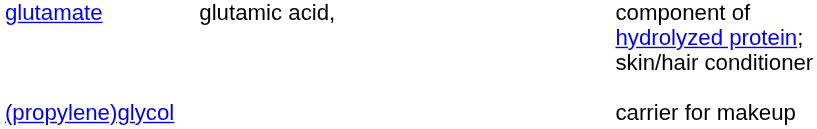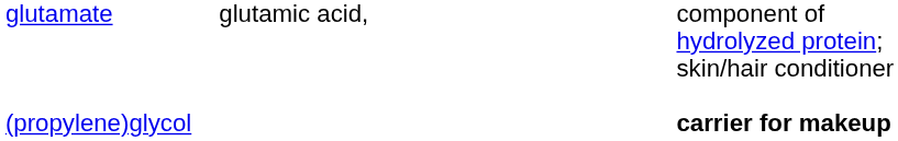 <table cellpadding="8">
 <tr valign="top">
 <td width="20%"><a href='#'>glutamate</a></td>
 <td width="50%">glutamic acid, </td>
 <td width="30%">component of <a href='#'>hydrolyzed protein</a>; skin/hair conditioner</td>
 </tr>
 <tr valign="top">
 <td width="20%"><a href='#'>(propylene)glycol</a></td>
 <td width="50%"></td>
-<td width="30%">carrier for makeup</td>
+<td width="30%"><strong>carrier for makeup</strong></td>
 </tr>
 </table>
